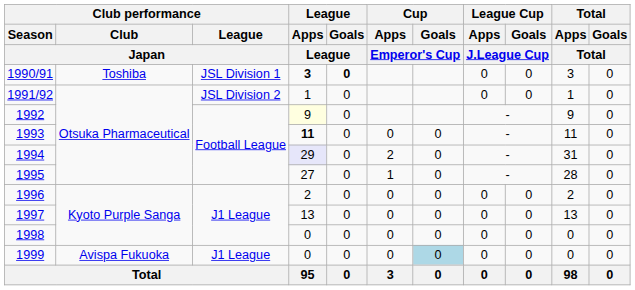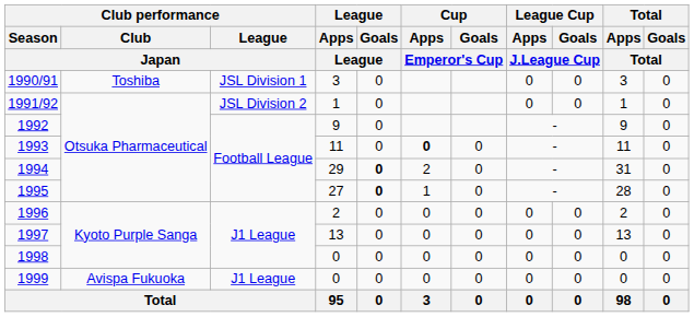 <table class="wikitable" style="text-align:center;">
 <tr>
 <th colspan=3>Club performance</th>
 <th colspan=2>League</th>
 <th colspan=2>Cup</th>
 <th colspan=2>League Cup</th>
 <th colspan=2>Total</th>
 </tr>
 <tr>
 <th>Season</th>
 <th>Club</th>
 <th>League</th>
 <th>Apps</th>
 <th>Goals</th>
 <th>Apps</th>
 <th>Goals</th>
 <th>Apps</th>
 <th>Goals</th>
 <th>Apps</th>
 <th>Goals</th>
 </tr>
 <tr>
 <th colspan=3>Japan</th>
 <th colspan=2>League</th>
 <th colspan=2><a href='#'>Emperor's Cup</a></th>
 <th colspan=2><a href='#'>J.League Cup</a></th>
 <th colspan=2>Total</th>
 </tr>
 <tr>
 <td><a href='#'>1990/91</a></td>
 <td><a href='#'>Toshiba</a></td>
 <td><a href='#'>JSL Division 1</a></td>
-<td><strong>3</strong></td>
-<td><strong>0</strong></td>
+<td>3</td>
+<td>0</td>
 <td></td>
 <td></td>
 <td>0</td>
 <td>0</td>
 <td>3</td>
 <td>0</td>
 </tr>
 <tr>
 <td><a href='#'>1991/92</a></td>
 <td rowspan="5"><a href='#'>Otsuka Pharmaceutical</a></td>
 <td><a href='#'>JSL Division 2</a></td>
 <td>1</td>
 <td>0</td>
 <td></td>
 <td></td>
 <td>0</td>
 <td>0</td>
 <td>1</td>
 <td>0</td>
 </tr>
 <tr>
 <td><a href='#'>1992</a></td>
 <td rowspan="4"><a href='#'>Football League</a></td>
-<td style="background: lightyellow;">9</td>
+<td>9</td>
 <td>0</td>
 <td></td>
 <td></td>
 <td colspan="2">-</td>
 <td>9</td>
 <td>0</td>
 </tr>
 <tr>
 <td><a href='#'>1993</a></td>
-<td><strong>11</strong></td>
+<td>11</td>
 <td>0</td>
-<td>0</td>
+<td><strong>0</strong></td>
 <td>0</td>
 <td colspan="2">-</td>
 <td>11</td>
 <td>0</td>
 </tr>
 <tr>
 <td><a href='#'>1994</a></td>
-<td style="background: lavender;">29</td>
-<td>0</td>
+<td>29</td>
+<td><strong>0</strong></td>
 <td>2</td>
 <td>0</td>
 <td colspan="2">-</td>
 <td>31</td>
 <td>0</td>
 </tr>
 <tr>
 <td><a href='#'>1995</a></td>
 <td>27</td>
-<td>0</td>
+<td><strong>0</strong></td>
 <td>1</td>
 <td>0</td>
 <td colspan="2">-</td>
 <td>28</td>
 <td>0</td>
 </tr>
 <tr>
 <td><a href='#'>1996</a></td>
 <td rowspan="3"><a href='#'>Kyoto Purple Sanga</a></td>
 <td rowspan="3"><a href='#'>J1 League</a></td>
 <td>2</td>
 <td>0</td>
 <td>0</td>
 <td>0</td>
 <td>0</td>
 <td>0</td>
 <td>2</td>
 <td>0</td>
 </tr>
 <tr>
 <td><a href='#'>1997</a></td>
 <td>13</td>
 <td>0</td>
 <td>0</td>
 <td>0</td>
 <td>0</td>
 <td>0</td>
 <td>13</td>
 <td>0</td>
 </tr>
 <tr>
 <td><a href='#'>1998</a></td>
 <td>0</td>
 <td>0</td>
 <td>0</td>
 <td>0</td>
 <td>0</td>
 <td>0</td>
 <td>0</td>
 <td>0</td>
 </tr>
 <tr>
 <td><a href='#'>1999</a></td>
 <td><a href='#'>Avispa Fukuoka</a></td>
 <td><a href='#'>J1 League</a></td>
 <td>0</td>
 <td>0</td>
 <td>0</td>
-<td style="background: lightblue;">0</td>
+<td>0</td>
 <td>0</td>
 <td>0</td>
 <td>0</td>
 <td>0</td>
 </tr>
 <tr>
 <th colspan=3>Total</th>
 <th>95</th>
 <th>0</th>
 <th>3</th>
 <th>0</th>
 <th>0</th>
 <th>0</th>
 <th>98</th>
 <th>0</th>
 </tr>
 </table>
